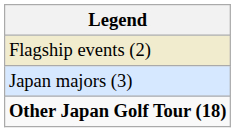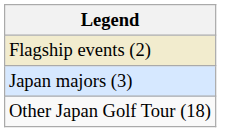 <table class="wikitable" style="font-size:95%;">
 <tr>
 <th>Legend</th>
 </tr>
 <tr style="background:#f2ecce;">
 <td>Flagship events (2)</td>
 </tr>
 <tr style="background:#D6E8FF;">
 <td>Japan majors (3)</td>
 </tr>
 <tr>
-<td><strong>Other Japan Golf Tour (18)</strong></td>
+<td>Other Japan Golf Tour (18)</td>
 </tr>
 </table>
